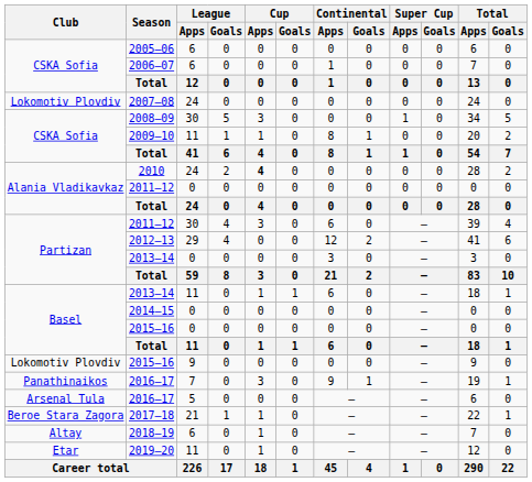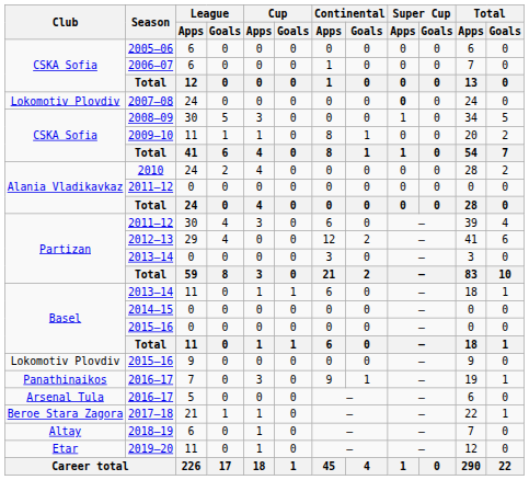 <table class="wikitable" style="text-align:center">
 <tr>
 <th rowspan="2">Club</th>
 <th rowspan="2">Season</th>
 <th colspan="2">League</th>
 <th colspan="2">Cup</th>
 <th colspan="2">Continental</th>
 <th colspan="2">Super Cup</th>
 <th colspan="2">Total</th>
 </tr>
 <tr>
 <th>Apps</th>
 <th>Goals</th>
 <th>Apps</th>
 <th>Goals</th>
 <th>Apps</th>
 <th>Goals</th>
 <th>Apps</th>
 <th>Goals</th>
 <th>Apps</th>
 <th>Goals</th>
 </tr>
 <tr>
 <td rowspan="3"><a href='#'>CSKA Sofia</a></td>
 <td><a href='#'>2005–06</a></td>
 <td>6</td>
 <td>0</td>
 <td>0</td>
 <td>0</td>
 <td>0</td>
 <td>0</td>
 <td>0</td>
 <td>0</td>
 <td>6</td>
 <td>0</td>
 </tr>
 <tr>
 <td><a href='#'>2006–07</a></td>
 <td>6</td>
 <td>0</td>
 <td>0</td>
 <td>0</td>
 <td>1</td>
 <td>0</td>
 <td>0</td>
 <td>0</td>
 <td>7</td>
 <td>0</td>
 </tr>
 <tr>
 <th colspan="1">Total</th>
 <th>12</th>
 <th>0</th>
 <th>0</th>
 <th>0</th>
 <th>1</th>
 <th>0</th>
 <th>0</th>
 <th>0</th>
 <th>13</th>
 <th>0</th>
 </tr>
 <tr>
 <td><a href='#'>Lokomotiv Plovdiv</a></td>
 <td><a href='#'>2007–08</a></td>
 <td>24</td>
 <td>0</td>
 <td>0</td>
 <td>0</td>
 <td>0</td>
 <td>0</td>
-<td>0</td>
+<td><strong>0</strong></td>
 <td>0</td>
 <td>24</td>
 <td>0</td>
 </tr>
 <tr>
 <td rowspan="3"><a href='#'>CSKA Sofia</a></td>
 <td><a href='#'>2008–09</a></td>
 <td>30</td>
 <td>5</td>
 <td>3</td>
 <td>0</td>
 <td>0</td>
 <td>0</td>
 <td>1</td>
 <td>0</td>
 <td>34</td>
 <td>5</td>
 </tr>
 <tr>
 <td><a href='#'>2009–10</a></td>
 <td>11</td>
 <td>1</td>
 <td>1</td>
 <td>0</td>
 <td>8</td>
 <td>1</td>
 <td>0</td>
 <td>0</td>
 <td>20</td>
 <td>2</td>
 </tr>
 <tr>
 <th colspan="1">Total</th>
 <th>41</th>
 <th>6</th>
 <th>4</th>
 <th>0</th>
 <th>8</th>
 <th>1</th>
 <th>1</th>
 <th>0</th>
 <th>54</th>
 <th>7</th>
 </tr>
 <tr>
 <td rowspan="3"><a href='#'>Alania Vladikavkaz</a></td>
 <td><a href='#'>2010</a></td>
 <td>24</td>
 <td>2</td>
-<td><strong>4</strong></td>
+<td>4</td>
 <td>0</td>
 <td>0</td>
 <td>0</td>
 <td>0</td>
 <td>0</td>
 <td>28</td>
 <td>2</td>
 </tr>
 <tr>
 <td><a href='#'>2011–12</a></td>
 <td>0</td>
 <td>0</td>
 <td>0</td>
 <td>0</td>
 <td>0</td>
 <td>0</td>
 <td>0</td>
 <td>0</td>
 <td>0</td>
 <td>0</td>
 </tr>
 <tr>
 <th colspan="1">Total</th>
 <th>24</th>
 <th>0</th>
 <th>4</th>
 <th>0</th>
 <th>0</th>
 <th>0</th>
 <th>0</th>
 <th>0</th>
 <th>28</th>
 <th>0</th>
 </tr>
 <tr>
 <td rowspan="4"><a href='#'>Partizan</a></td>
 <td><a href='#'>2011–12</a></td>
 <td>30</td>
 <td>4</td>
 <td>3</td>
 <td>0</td>
 <td>6</td>
 <td>0</td>
 <td colspan="2">–</td>
 <td>39</td>
 <td>4</td>
 </tr>
 <tr>
 <td><a href='#'>2012–13</a></td>
 <td>29</td>
 <td>4</td>
 <td>0</td>
 <td>0</td>
 <td>12</td>
 <td>2</td>
 <td colspan="2">–</td>
 <td>41</td>
 <td>6</td>
 </tr>
 <tr>
 <td><a href='#'>2013–14</a></td>
 <td>0</td>
 <td>0</td>
 <td>0</td>
 <td>0</td>
 <td>3</td>
 <td>0</td>
 <td colspan="2">–</td>
 <td>3</td>
 <td>0</td>
 </tr>
 <tr>
 <th colspan="1">Total</th>
 <th>59</th>
 <th>8</th>
 <th>3</th>
 <th>0</th>
 <th>21</th>
 <th>2</th>
 <th colspan="2">–</th>
 <th>83</th>
 <th>10</th>
 </tr>
 <tr>
 <td rowspan="4"><a href='#'>Basel</a></td>
 <td><a href='#'>2013–14</a></td>
 <td>11</td>
 <td>0</td>
 <td>1</td>
 <td>1</td>
 <td>6</td>
 <td>0</td>
 <td colspan="2">–</td>
 <td>18</td>
 <td>1</td>
 </tr>
 <tr>
 <td><a href='#'>2014–15</a></td>
 <td>0</td>
 <td>0</td>
 <td>0</td>
 <td>0</td>
 <td>0</td>
 <td>0</td>
 <td colspan="2">–</td>
 <td>0</td>
 <td>0</td>
 </tr>
 <tr>
 <td><a href='#'>2015–16</a></td>
 <td>0</td>
 <td>0</td>
 <td>0</td>
 <td>0</td>
 <td>0</td>
 <td>0</td>
 <td colspan="2">–</td>
 <td>0</td>
 <td>0</td>
 </tr>
 <tr>
 <th colspan="1">Total</th>
 <th>11</th>
 <th>0</th>
 <th>1</th>
 <th>1</th>
 <th>6</th>
 <th>0</th>
 <th colspan="2">–</th>
 <th>18</th>
 <th>1</th>
 </tr>
 <tr>
 <td>Lokomotiv Plovdiv</td>
 <td><a href='#'>2015–16</a></td>
 <td>9</td>
 <td>0</td>
 <td>0</td>
 <td>0</td>
 <td>0</td>
 <td>0</td>
 <td colspan="2">–</td>
 <td>9</td>
 <td>0</td>
 </tr>
 <tr>
 <td><a href='#'>Panathinaikos</a></td>
 <td><a href='#'>2016–17</a></td>
 <td>7</td>
 <td>0</td>
 <td>3</td>
 <td>0</td>
 <td>9</td>
 <td>1</td>
 <td colspan="2">–</td>
 <td>19</td>
 <td>1</td>
 </tr>
 <tr>
 <td><a href='#'>Arsenal Tula</a></td>
 <td><a href='#'>2016–17</a></td>
 <td>5</td>
 <td>0</td>
 <td>0</td>
 <td>0</td>
 <td colspan="2">–</td>
 <td colspan="2">–</td>
 <td>6</td>
 <td>0</td>
 </tr>
 <tr>
 <td><a href='#'>Beroe Stara Zagora</a></td>
 <td><a href='#'>2017–18</a></td>
 <td>21</td>
 <td>1</td>
 <td>1</td>
 <td>0</td>
 <td colspan="2">–</td>
 <td colspan="2">–</td>
 <td>22</td>
 <td>1</td>
 </tr>
 <tr>
 <td><a href='#'>Altay</a></td>
 <td><a href='#'>2018–19</a></td>
 <td>6</td>
 <td>0</td>
 <td>1</td>
 <td>0</td>
 <td colspan="2">–</td>
 <td colspan="2">–</td>
 <td>7</td>
 <td>0</td>
 </tr>
 <tr>
 <td><a href='#'>Etar</a></td>
 <td><a href='#'>2019–20</a></td>
 <td>11</td>
 <td>0</td>
 <td>1</td>
 <td>0</td>
 <td colspan="2">–</td>
 <td colspan="2">–</td>
 <td>12</td>
 <td>0</td>
 </tr>
 <tr>
 <th colspan="2">Career total</th>
 <th>226</th>
 <th>17</th>
 <th>18</th>
 <th>1</th>
 <th>45</th>
 <th>4</th>
 <th>1</th>
 <th>0</th>
 <th>290</th>
 <th>22</th>
 </tr>
 </table>
